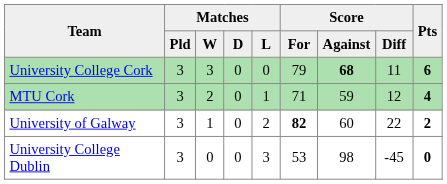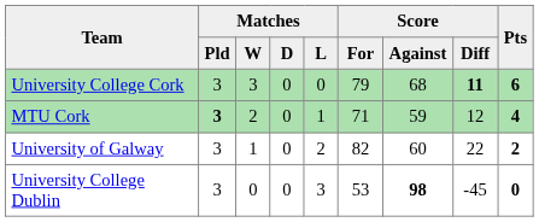 <table style=border-collapse:collapse border=1 cellspacing=0 cellpadding=5>
 <tr align=center bgcolor=#efefef>
 <th rowspan=2 width=165>Team</th>
 <th colspan=4>Matches</th>
 <th colspan=3>Score</th>
 <th rowspan=2width=20>Pts</th>
 </tr>
 <tr align=center bgcolor=#efefef>
 <th width=20>Pld</th>
 <th width=20>W</th>
 <th width=20>D</th>
 <th width=20>L</th>
 <th width=30>For</th>
 <th width=30>Against</th>
 <th width=30>Diff</th>
 </tr>
 <tr align=center style="background:#ACE1AF;">
 <td style="text-align:left;"><a href='#'>University College Cork</a></td>
 <td>3</td>
 <td>3</td>
 <td>0</td>
 <td>0</td>
 <td>79</td>
-<td><strong>68</strong></td>
-<td>11</td>
+<td>68</td>
+<td><strong>11</strong></td>
 <td><strong>6</strong></td>
 </tr>
 <tr align=center style="background:#ACE1AF;">
 <td style="text-align:left;"><a href='#'>MTU Cork</a></td>
-<td>3</td>
+<td><strong>3</strong></td>
 <td>2</td>
 <td>0</td>
 <td>1</td>
 <td>71</td>
 <td>59</td>
 <td>12</td>
 <td><strong>4</strong></td>
 </tr>
 <tr align=center>
 <td style="text-align:left;"><a href='#'>University of Galway</a></td>
 <td>3</td>
 <td>1</td>
 <td>0</td>
 <td>2</td>
-<td><strong>82</strong></td>
+<td>82</td>
 <td>60</td>
 <td>22</td>
 <td><strong>2</strong></td>
 </tr>
 <tr align=center>
 <td style="text-align:left;"><a href='#'>University College Dublin</a></td>
 <td>3</td>
 <td>0</td>
 <td>0</td>
 <td>3</td>
 <td>53</td>
-<td>98</td>
+<td><strong>98</strong></td>
 <td>-45</td>
 <td><strong>0</strong></td>
 </tr>
 </table>
